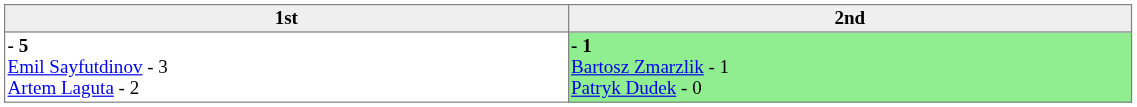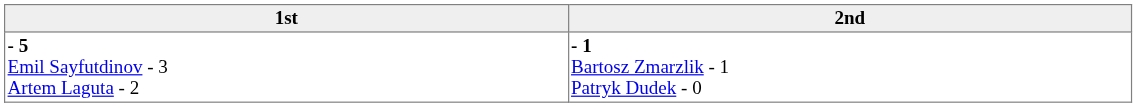 <table border="1" cellpadding="2" cellspacing="0"  style="width:75%; border-collapse:collapse;">
 <tr style="text-align:left; background:#efefef;">
 <th width=15% align=center >1st</th>
 <th width=15% align=center >2nd</th>
 </tr>
 <tr align=left>
 <td valign=top align=left ><strong> - 5</strong><br><a href='#'>Emil Sayfutdinov</a> - 3<br><a href='#'>Artem Laguta</a> - 2</td>
-<td valign=top align=left  style="background: lightgreen;"><strong> - 1</strong><br><a href='#'>Bartosz Zmarzlik</a> - 1<br><a href='#'>Patryk Dudek</a> - 0</td>
+<td valign=top align=left ><strong> - 1</strong><br><a href='#'>Bartosz Zmarzlik</a> - 1<br><a href='#'>Patryk Dudek</a> - 0</td>
 </tr>
 </table>
